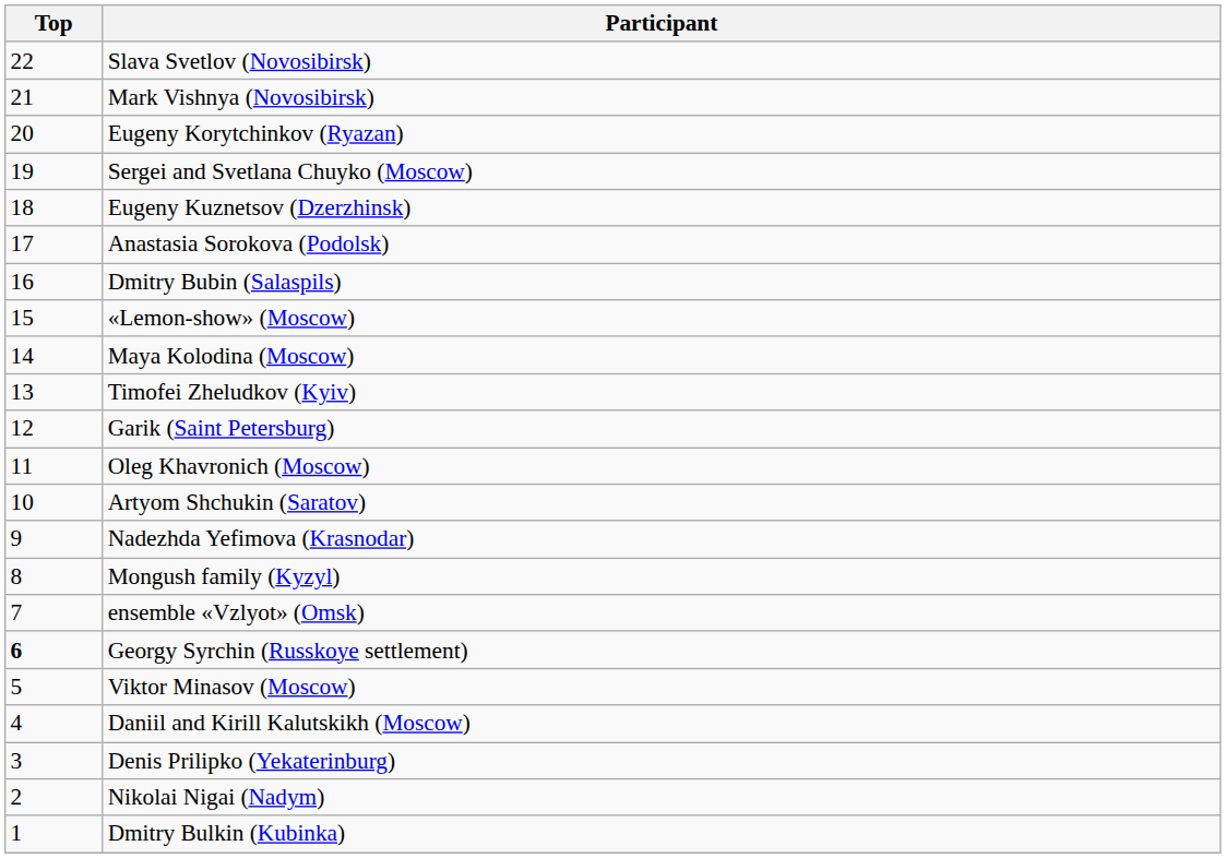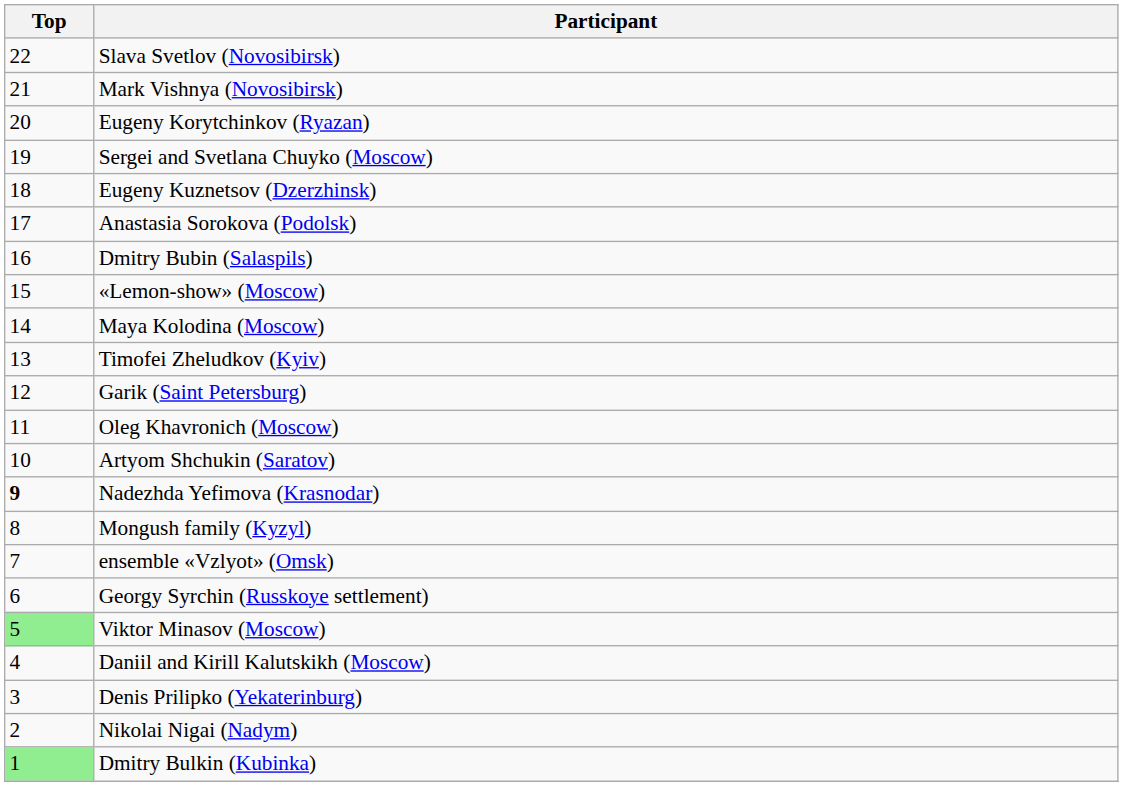 <table class="wikitable">
 <tr>
 <th width="4%">Top</th>
 <th width="46%">Participant</th>
 </tr>
 <tr>
 <td>22</td>
 <td>Slava Svetlov (<a href='#'>Novosibirsk</a>)</td>
 </tr>
 <tr>
 <td>21</td>
 <td>Mark Vishnya (<a href='#'>Novosibirsk</a>)</td>
 </tr>
 <tr>
 <td>20</td>
 <td>Eugeny Korytchinkov (<a href='#'>Ryazan</a>)</td>
 </tr>
 <tr>
 <td>19</td>
 <td>Sergei and Svetlana Chuyko (<a href='#'>Moscow</a>)</td>
 </tr>
 <tr>
 <td>18</td>
 <td>Eugeny Kuznetsov (<a href='#'>Dzerzhinsk</a>)</td>
 </tr>
 <tr>
 <td>17</td>
 <td>Anastasia Sorokova (<a href='#'>Podolsk</a>)</td>
 </tr>
 <tr>
 <td>16</td>
 <td>Dmitry Bubin (<a href='#'>Salaspils</a>)</td>
 </tr>
 <tr>
 <td>15</td>
 <td>«Lemon-show» (<a href='#'>Moscow</a>)</td>
 </tr>
 <tr>
 <td>14</td>
 <td>Maya Kolodina (<a href='#'>Moscow</a>)</td>
 </tr>
 <tr>
 <td>13</td>
 <td>Timofei Zheludkov (<a href='#'>Kyiv</a>)</td>
 </tr>
 <tr>
 <td>12</td>
 <td>Garik (<a href='#'>Saint Petersburg</a>)</td>
 </tr>
 <tr>
 <td>11</td>
 <td>Oleg Khavronich (<a href='#'>Moscow</a>)</td>
 </tr>
 <tr>
 <td>10</td>
 <td>Artyom Shchukin (<a href='#'>Saratov</a>)</td>
 </tr>
 <tr>
-<td>9</td>
+<td><strong>9</strong></td>
 <td>Nadezhda Yefimova (<a href='#'>Krasnodar</a>)</td>
 </tr>
 <tr>
 <td>8</td>
 <td>Mongush family (<a href='#'>Kyzyl</a>)</td>
 </tr>
 <tr>
 <td>7</td>
 <td>ensemble «Vzlyot» (<a href='#'>Omsk</a>)</td>
 </tr>
 <tr>
-<td><strong>6</strong></td>
+<td>6</td>
 <td>Georgy Syrchin (<a href='#'>Russkoye</a> settlement)</td>
 </tr>
 <tr>
-<td>5</td>
+<td style="background: lightgreen;">5</td>
 <td>Viktor Minasov (<a href='#'>Moscow</a>)</td>
 </tr>
 <tr>
 <td>4</td>
 <td>Daniil and Kirill Kalutskikh (<a href='#'>Moscow</a>)</td>
 </tr>
 <tr>
 <td>3</td>
 <td>Denis Prilipko (<a href='#'>Yekaterinburg</a>)</td>
 </tr>
 <tr>
 <td>2</td>
 <td>Nikolai Nigai (<a href='#'>Nadym</a>)</td>
 </tr>
 <tr>
-<td>1</td>
+<td style="background: lightgreen;">1</td>
 <td>Dmitry Bulkin (<a href='#'>Kubinka</a>)</td>
 </tr>
 <tr>
 </tr>
 </table>
